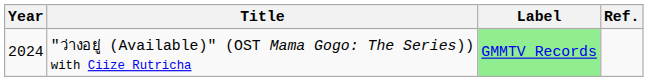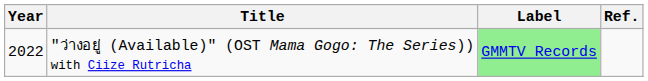 <table class="wikitable sortable">
 <tr>
 <th scope="col">Year</th>
 <th scope="col">Title</th>
 <th scope="col">Label</th>
 <th scope="col" class="unsortable">Ref.</th>
 </tr>
 <tr>
-<td>2024</td>
+<td>2022</td>
 <td>"ว่างอยู่ (Available)" (OST <em>Mama Gogo: The Series</em>))<br><small>with <a href='#'>Ciize Rutricha</a></small></td>
 <td style="background: lightgreen;"><a href='#'>GMMTV Records</a></td>
 <td style="text-align: center;"></td>
 </tr>
 </table>
